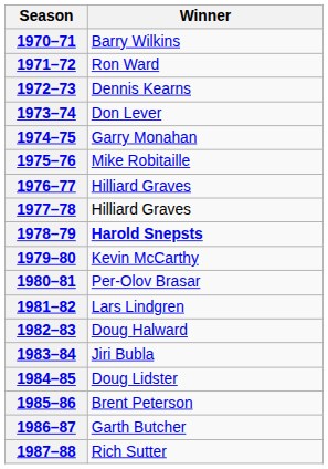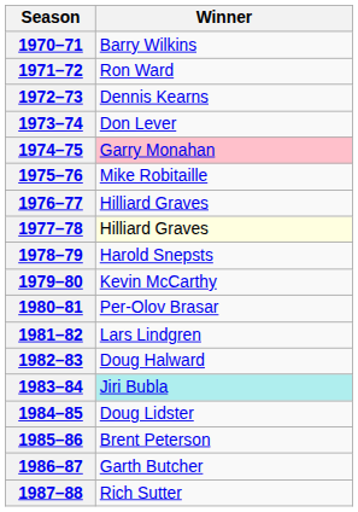 <table class="wikitable">
 <tr>
 <th scope="col" style="width:5em">Season</th>
 <th scope="col" style="width:15em">Winner</th>
 </tr>
 <tr>
 <th scope="row"><a href='#'>1970–71</a></th>
 <td><a href='#'>Barry Wilkins</a></td>
 </tr>
 <tr>
 <th scope="row"><a href='#'>1971–72</a></th>
 <td><a href='#'>Ron Ward</a></td>
 </tr>
 <tr>
 <th scope="row"><a href='#'>1972–73</a></th>
 <td><a href='#'>Dennis Kearns</a></td>
 </tr>
 <tr>
 <th scope="row"><a href='#'>1973–74</a></th>
 <td><a href='#'>Don Lever</a></td>
 </tr>
 <tr>
 <th scope="row"><a href='#'>1974–75</a></th>
-<td><a href='#'>Garry Monahan</a></td>
+<td style="background: pink;"><a href='#'>Garry Monahan</a></td>
 </tr>
 <tr>
 <th scope="row"><a href='#'>1975–76</a></th>
 <td><a href='#'>Mike Robitaille</a></td>
 </tr>
 <tr>
 <th scope="row"><a href='#'>1976–77</a></th>
 <td><a href='#'>Hilliard Graves</a></td>
 </tr>
 <tr>
 <th scope="row"><a href='#'>1977–78</a></th>
-<td>Hilliard Graves</td>
+<td style="background: lightyellow;">Hilliard Graves</td>
 </tr>
 <tr>
 <th scope="row"><a href='#'>1978–79</a></th>
-<td><strong><a href='#'>Harold Snepsts</a></strong></td>
+<td><a href='#'>Harold Snepsts</a></td>
 </tr>
 <tr>
 <th scope="row"><a href='#'>1979–80</a></th>
 <td><a href='#'>Kevin McCarthy</a></td>
 </tr>
 <tr>
 <th scope="row"><a href='#'>1980–81</a></th>
 <td><a href='#'>Per-Olov Brasar</a></td>
 </tr>
 <tr>
 <th scope="row"><a href='#'>1981–82</a></th>
 <td><a href='#'>Lars Lindgren</a></td>
 </tr>
 <tr>
 <th scope="row"><a href='#'>1982–83</a></th>
 <td><a href='#'>Doug Halward</a></td>
 </tr>
 <tr>
 <th scope="row"><a href='#'>1983–84</a></th>
-<td><a href='#'>Jiri Bubla</a></td>
+<td style="background: paleturquoise;"><a href='#'>Jiri Bubla</a></td>
 </tr>
 <tr>
 <th scope="row"><a href='#'>1984–85</a></th>
 <td><a href='#'>Doug Lidster</a></td>
 </tr>
 <tr>
 <th scope="row"><a href='#'>1985–86</a></th>
 <td><a href='#'>Brent Peterson</a></td>
 </tr>
 <tr>
 <th scope="row"><a href='#'>1986–87</a></th>
 <td><a href='#'>Garth Butcher</a></td>
 </tr>
 <tr>
 <th scope="row"><a href='#'>1987–88</a></th>
 <td><a href='#'>Rich Sutter</a></td>
 </tr>
 </table>
